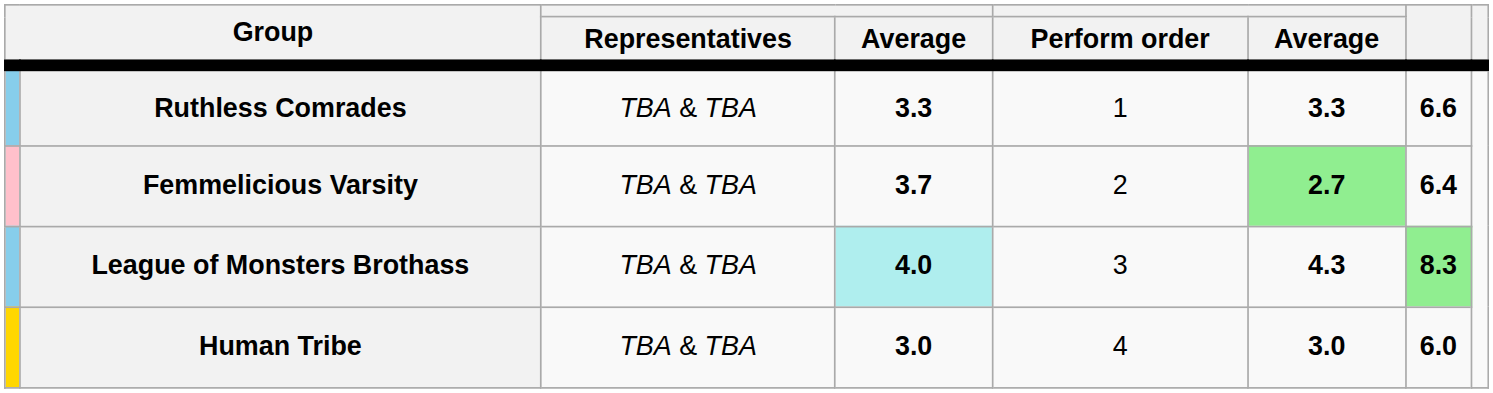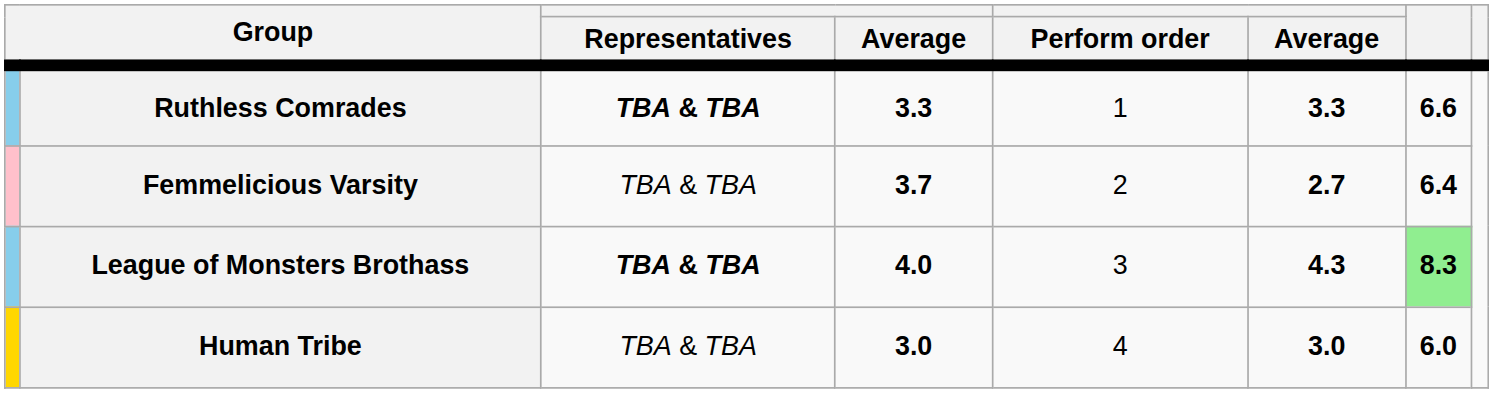 <table class="wikitable plainrowheaders mw-collapsible" style="text-align:center; width:100%">
 <tr>
 <th colspan="2" rowspan="2">Group</th>
 <th colspan="2"></th>
 <th colspan="2"></th>
 <th rowspan="2"></th>
 <th rowspan="2"></th>
 </tr>
 <tr>
 <th>Representatives</th>
 <th>Average</th>
 <th>Perform order</th>
 <th>Average</th>
 </tr>
 <tr style="border-top: 7px solid; height: 3em;">
 <th width="01%" style="background:#87ceeb;"></th>
 <th>Ruthless Comrades</th>
-<td><em>TBA</em> & <em>TBA</em></td>
+<td><strong><em>TBA</em> & <em>TBA</em></strong></td>
 <td><strong>3.3</strong><br></td>
 <td>1</td>
 <td><strong>3.3</strong><br></td>
 <td><strong>6.6</strong><br></td>
 <td rowspan="4"></td>
 </tr>
 <tr style="height: 3em;">
 <th width="01%" style="background:#FFC0CB;"></th>
 <th>Femmelicious Varsity</th>
 <td><em>TBA</em> & <em>TBA</em></td>
 <td><strong>3.7</strong><br></td>
 <td>2</td>
-<td style="background: lightgreen;"><strong>2.7</strong><br></td>
+<td><strong>2.7</strong><br></td>
 <td><strong>6.4</strong><br></td>
 </tr>
 <tr style="height: 3em;">
 <th width="01%" style="background:#87ceeb;"></th>
 <th>League of Monsters Brothass</th>
-<td><em>TBA</em> & <em>TBA</em></td>
-<td style="background: paleturquoise;"><strong>4.0</strong><br></td>
+<td><strong><em>TBA</em> & <em>TBA</em></strong></td>
+<td><strong>4.0</strong><br></td>
 <td>3</td>
 <td><strong>4.3</strong><br></td>
 <td style="background:#90ee90;"><strong>8.3</strong><br></td>
 </tr>
 <tr style="height: 3em;">
 <th width="01%" style="background:#FFD700;"></th>
 <th>Human Tribe</th>
 <td><em>TBA</em> & <em>TBA</em></td>
 <td><strong>3.0</strong><br></td>
 <td>4</td>
 <td><strong>3.0</strong><br></td>
 <td><strong>6.0</strong><br></td>
 </tr>
 </table>
